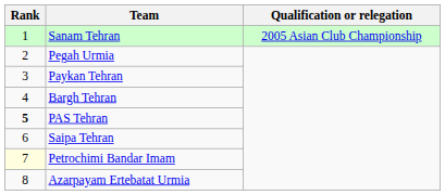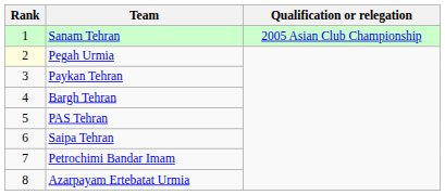 <table class="wikitable" style="text-align:center; font-size:90%">
 <tr>
 <th width=40>Rank</th>
 <th width=220>Team</th>
 <th width=220>Qualification or relegation</th>
 </tr>
 <tr bgcolor=ccffcc>
 <td>1</td>
 <td align="left"><a href='#'>Sanam Tehran</a></td>
 <td><a href='#'>2005 Asian Club Championship</a></td>
 </tr>
 <tr>
-<td>2</td>
+<td style="background: lightyellow;">2</td>
 <td align="left"><a href='#'>Pegah Urmia</a></td>
 <td rowspan=7></td>
 </tr>
 <tr>
 <td>3</td>
 <td align="left"><a href='#'>Paykan Tehran</a></td>
 </tr>
 <tr>
 <td>4</td>
 <td align="left"><a href='#'>Bargh Tehran</a></td>
 </tr>
 <tr>
-<td><strong>5</strong></td>
+<td>5</td>
 <td align="left"><a href='#'>PAS Tehran</a></td>
 </tr>
 <tr>
 <td>6</td>
 <td align="left"><a href='#'>Saipa Tehran</a></td>
 </tr>
 <tr>
-<td style="background: lightyellow;">7</td>
+<td>7</td>
 <td align="left"><a href='#'>Petrochimi Bandar Imam</a></td>
 </tr>
 <tr>
 <td>8</td>
 <td align="left"><a href='#'>Azarpayam Ertebatat Urmia</a></td>
 </tr>
 </table>
